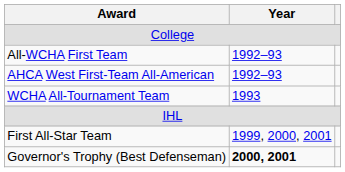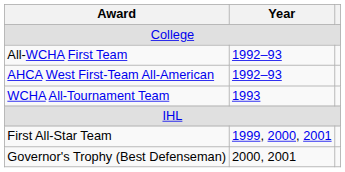 <table class="wikitable">
 <tr>
 <th>Award</th>
 <th>Year</th>
 <th></th>
 </tr>
 <tr ALIGN="center" bgcolor="#e0e0e0">
 <td colspan="3"><a href='#'>College</a></td>
 </tr>
 <tr>
 <td>All-<a href='#'>WCHA</a> <a href='#'>First Team</a></td>
 <td><a href='#'>1992–93</a></td>
 <td></td>
 </tr>
 <tr>
 <td><a href='#'>AHCA</a> <a href='#'>West First-Team All-American</a></td>
 <td><a href='#'>1992–93</a></td>
 <td></td>
 </tr>
 <tr>
 <td><a href='#'>WCHA</a> <a href='#'>All-Tournament Team</a></td>
 <td><a href='#'>1993</a></td>
 <td></td>
 </tr>
 <tr ALIGN="center" bgcolor="#e0e0e0">
 <td colspan="3"><a href='#'>IHL</a></td>
 </tr>
 <tr>
 <td>First All-Star Team</td>
 <td><a href='#'>1999</a>, <a href='#'>2000</a>, <a href='#'>2001</a></td>
 <td></td>
 </tr>
 <tr>
 <td>Governor's Trophy (Best Defenseman)</td>
-<td><strong>2000, 2001</strong></td>
+<td>2000, 2001</td>
 <td></td>
 </tr>
 </table>
